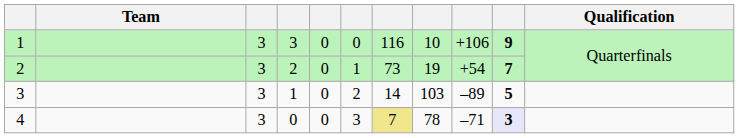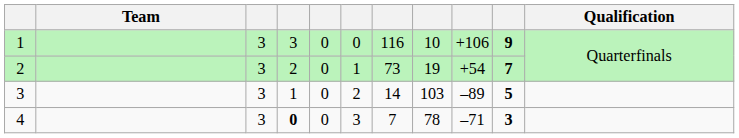 <table class="wikitable" style="text-align:center;">
 <tr>
 <th style="width:1.5em;"></th>
 <th style="width:12.5em">Team</th>
 <th style="width:1.5em;"></th>
 <th style="width:1.5em;"></th>
 <th style="width:1.5em;"></th>
 <th style="width:1.5em;"></th>
 <th style="width:2.0em;"></th>
 <th style="width:2.0em;"></th>
 <th style="width:2.0em;"></th>
 <th style="width:1.5em;"></th>
 <th style="width:12.5em">Qualification</th>
 </tr>
 <tr bgcolor="#bbf3bb">
 <td>1</td>
 <td align="left"></td>
 <td>3</td>
 <td>3</td>
 <td>0</td>
 <td>0</td>
 <td>116</td>
 <td>10</td>
 <td>+106</td>
 <td><strong>9</strong></td>
 <td rowspan=2>Quarterfinals</td>
 </tr>
 <tr bgcolor="#bbf3bb">
 <td>2</td>
 <td align="left"></td>
 <td>3</td>
 <td>2</td>
 <td>0</td>
 <td>1</td>
 <td>73</td>
 <td>19</td>
 <td>+54</td>
 <td><strong>7</strong></td>
 </tr>
 <tr>
 <td>3</td>
 <td align="left"></td>
 <td>3</td>
 <td>1</td>
 <td>0</td>
 <td>2</td>
 <td>14</td>
 <td>103</td>
 <td>–89</td>
 <td><strong>5</strong></td>
 <td></td>
 </tr>
 <tr>
 <td>4</td>
 <td align="left"></td>
 <td>3</td>
-<td>0</td>
+<td><strong>0</strong></td>
 <td>0</td>
 <td>3</td>
-<td style="background: khaki;">7</td>
+<td>7</td>
 <td>78</td>
 <td>–71</td>
-<td style="background: lavender;"><strong>3</strong></td>
+<td><strong>3</strong></td>
 </tr>
 </table>
